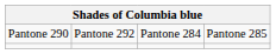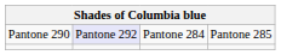 <table class="wikitable" style="text-align: center;padding:0">
 <tr>
 <th colspan="4">Shades of Columbia blue</th>
 </tr>
 <tr>
 <td>Pantone 290</td>
-<td>Pantone 292</td>
+<td style="background: lavender;">Pantone 292</td>
 <td>Pantone 284</td>
 <td>Pantone 285</td>
 </tr>
 <tr>
 <td></td>
 <td></td>
 <td></td>
 <td></td>
 </tr>
 </table>
